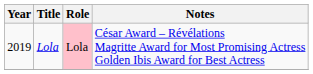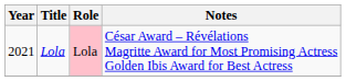 <table class="wikitable sortable">
 <tr>
 <th>Year</th>
 <th>Title</th>
 <th>Role</th>
 <th class="unsortable">Notes</th>
 </tr>
 <tr>
-<td>2019</td>
+<td>2021</td>
 <td><em><a href='#'>Lola</a></em></td>
 <td style="background: pink;">Lola</td>
 <td><a href='#'>César Award – Révélations</a><br><a href='#'>Magritte Award for Most Promising Actress</a><br><a href='#'>Golden Ibis Award for Best Actress</a></td>
 </tr>
 <tr>
 </tr>
 </table>
